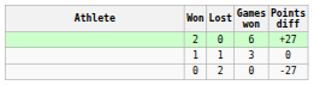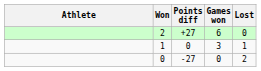 <table class="wikitable">
 <tr>
 <th style="width:18em">Athlete</th>
 <th>Won</th>
+<th>Points<br>diff</th>
+<th>Games<br>won</th>
 <th>Lost</th>
-<th>Games<br>won</th>
-<th>Points<br>diff</th>
 </tr>
 <tr bgcolor="#ccffcc">
 <td></td>
 <td align="center">2</td>
+<td align="center">+27</td>
+<td align="center">6</td>
 <td align="center">0</td>
-<td align="center">6</td>
-<td align="center">+27</td>
 </tr>
 <tr>
 <td></td>
 <td align="center">1</td>
+<td align="center">0</td>
+<td align="center">3</td>
 <td align="center">1</td>
-<td align="center">3</td>
-<td align="center">0</td>
 </tr>
 <tr>
 <td></td>
 <td align="center">0</td>
+<td align="center">-27</td>
+<td align="center">0</td>
 <td align="center">2</td>
-<td align="center">0</td>
-<td align="center">-27</td>
 </tr>
 </table>
